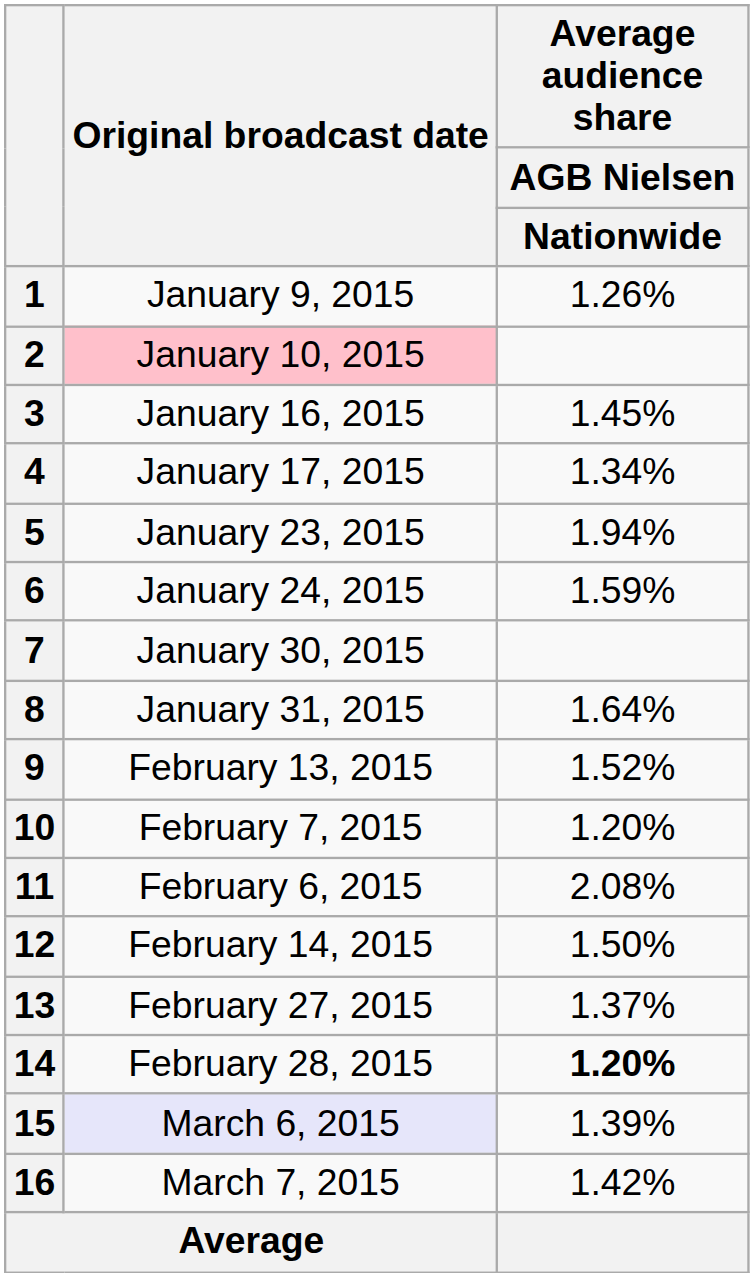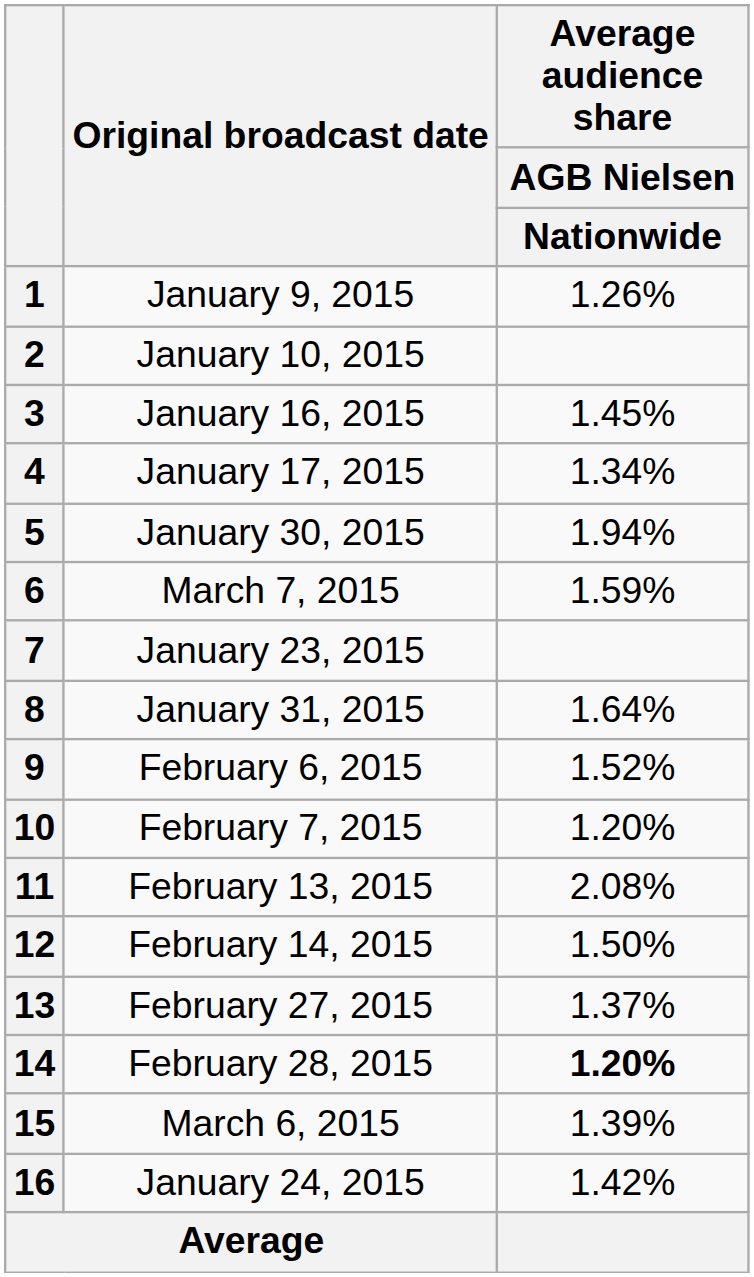 <table class="wikitable" style="text-align:center">
 <tr>
 <th rowspan="3"></th>
 <th rowspan="3">Original broadcast date</th>
 <th width=100>Average audience share</th>
 </tr>
 <tr>
 <th>AGB Nielsen</th>
 </tr>
 <tr>
 <th width=90>Nationwide</th>
 </tr>
 <tr>
 <th>1</th>
 <td>January 9, 2015</td>
 <td>1.26%</td>
 </tr>
 <tr>
 <th>2</th>
-<td style="background: pink;">January 10, 2015</td>
+<td>January 10, 2015</td>
 <td></td>
 </tr>
 <tr>
 <th>3</th>
 <td>January 16, 2015</td>
 <td>1.45%</td>
 </tr>
 <tr>
 <th>4</th>
 <td>January 17, 2015</td>
 <td>1.34%</td>
 </tr>
 <tr>
 <th>5</th>
-<td>January 23, 2015</td>
+<td>January 30, 2015</td>
 <td>1.94%</td>
 </tr>
 <tr>
 <th>6</th>
-<td>January 24, 2015</td>
+<td>March 7, 2015</td>
 <td>1.59%</td>
 </tr>
 <tr>
 <th>7</th>
-<td>January 30, 2015</td>
+<td>January 23, 2015</td>
 <td></td>
 </tr>
 <tr>
 <th>8</th>
 <td>January 31, 2015</td>
 <td>1.64%</td>
 </tr>
 <tr>
 <th>9</th>
-<td>February 13, 2015</td>
+<td>February 6, 2015</td>
 <td>1.52%</td>
 </tr>
 <tr>
 <th>10</th>
 <td>February 7, 2015</td>
 <td>1.20%</td>
 </tr>
 <tr>
 <th>11</th>
-<td>February 6, 2015</td>
+<td>February 13, 2015</td>
 <td>2.08%</td>
 </tr>
 <tr>
 <th>12</th>
 <td>February 14, 2015</td>
 <td>1.50%</td>
 </tr>
 <tr>
 <th>13</th>
 <td>February 27, 2015</td>
 <td>1.37%</td>
 </tr>
 <tr>
 <th>14</th>
 <td>February 28, 2015</td>
 <td><strong>1.20%</strong></td>
 </tr>
 <tr>
 <th>15</th>
-<td style="background: lavender;">March 6, 2015</td>
+<td>March 6, 2015</td>
 <td>1.39%</td>
 </tr>
 <tr>
 <th>16</th>
-<td>March 7, 2015</td>
+<td>January 24, 2015</td>
 <td>1.42%</td>
 </tr>
 <tr>
 <th colspan="2">Average</th>
 <th></th>
 </tr>
 </table>
